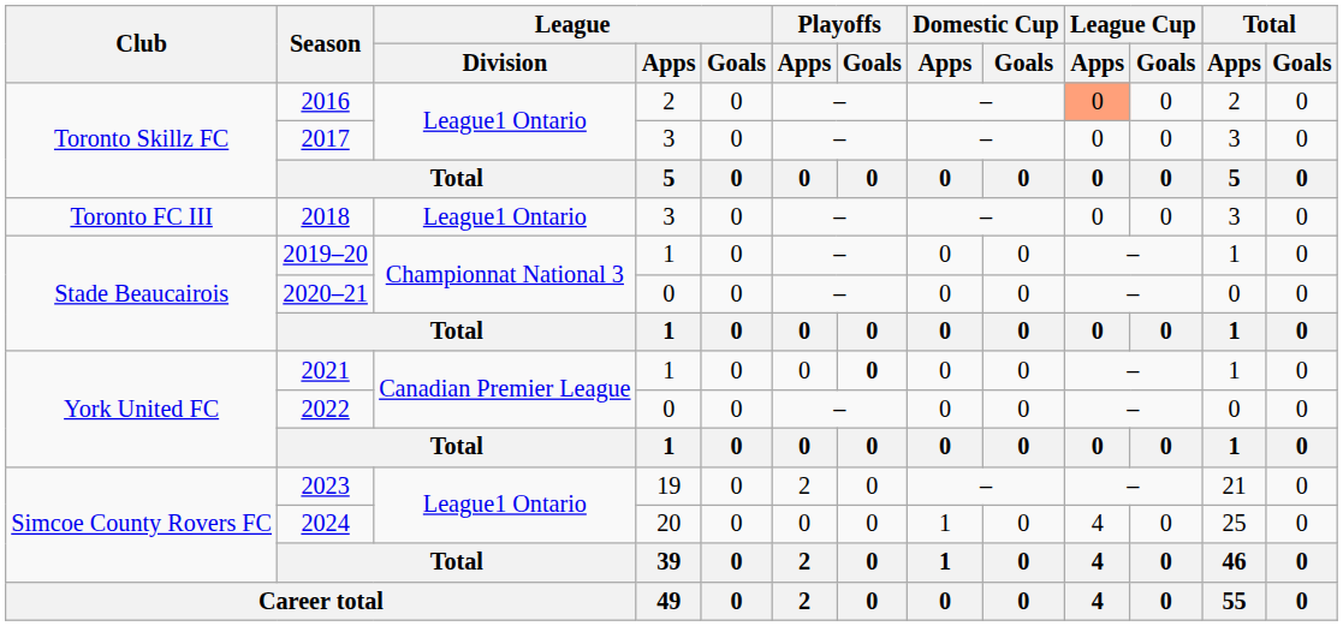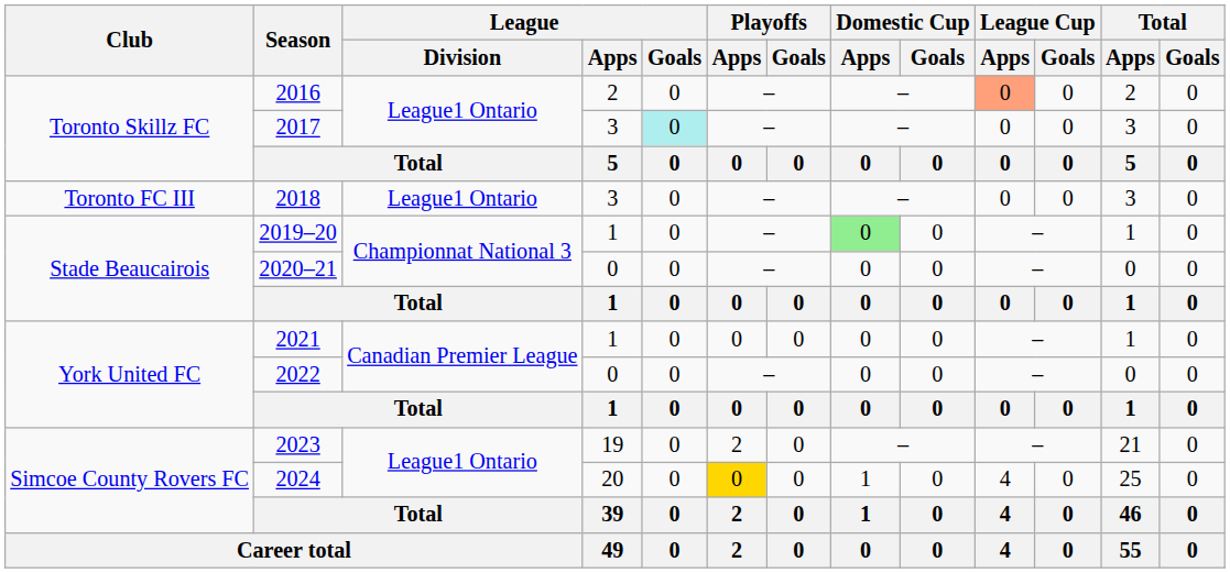 <table class="wikitable" style="text-align: center">
 <tr>
 <th rowspan="2">Club</th>
 <th rowspan="2">Season</th>
 <th colspan="3">League</th>
 <th colspan="2">Playoffs</th>
 <th colspan="2">Domestic Cup</th>
 <th colspan="2">League Cup</th>
 <th colspan="2">Total</th>
 </tr>
 <tr>
 <th>Division</th>
 <th>Apps</th>
 <th>Goals</th>
 <th>Apps</th>
 <th>Goals</th>
 <th>Apps</th>
 <th>Goals</th>
 <th>Apps</th>
 <th>Goals</th>
 <th>Apps</th>
 <th>Goals</th>
 </tr>
 <tr>
 <td rowspan=3><a href='#'>Toronto Skillz FC</a></td>
 <td><a href='#'>2016</a></td>
 <td rowspan=2><a href='#'>League1 Ontario</a></td>
 <td>2</td>
 <td>0</td>
 <td colspan="2">–</td>
 <td colspan="2">–</td>
 <td style="background: lightsalmon;">0</td>
 <td>0</td>
 <td>2</td>
 <td>0</td>
 </tr>
 <tr>
 <td><a href='#'>2017</a></td>
 <td>3</td>
-<td>0</td>
+<td style="background: paleturquoise;">0</td>
 <td colspan="2">–</td>
 <td colspan="2">–</td>
 <td>0</td>
 <td>0</td>
 <td>3</td>
 <td>0</td>
 </tr>
 <tr>
 <th colspan="2">Total</th>
 <th>5</th>
 <th>0</th>
 <th>0</th>
 <th>0</th>
 <th>0</th>
 <th>0</th>
 <th>0</th>
 <th>0</th>
 <th>5</th>
 <th>0</th>
 </tr>
 <tr>
 <td><a href='#'>Toronto FC III</a></td>
 <td><a href='#'>2018</a></td>
 <td><a href='#'>League1 Ontario</a></td>
 <td>3</td>
 <td>0</td>
 <td colspan="2">–</td>
 <td colspan="2">–</td>
 <td>0</td>
 <td>0</td>
 <td>3</td>
 <td>0</td>
 </tr>
 <tr>
 <td rowspan=3><a href='#'>Stade Beaucairois</a></td>
 <td><a href='#'>2019–20</a></td>
 <td rowspan=2><a href='#'>Championnat National 3</a></td>
 <td>1</td>
 <td>0</td>
 <td colspan="2">–</td>
-<td>0</td>
+<td style="background: lightgreen;">0</td>
 <td>0</td>
 <td colspan="2">–</td>
 <td>1</td>
 <td>0</td>
 </tr>
 <tr>
 <td><a href='#'>2020–21</a></td>
 <td>0</td>
 <td>0</td>
 <td colspan="2">–</td>
 <td>0</td>
 <td>0</td>
 <td colspan="2">–</td>
 <td>0</td>
 <td>0</td>
 </tr>
 <tr>
 <th colspan="2">Total</th>
 <th>1</th>
 <th>0</th>
 <th>0</th>
 <th>0</th>
 <th>0</th>
 <th>0</th>
 <th>0</th>
 <th>0</th>
 <th>1</th>
 <th>0</th>
 </tr>
 <tr>
 <td rowspan=3><a href='#'>York United FC</a></td>
 <td><a href='#'>2021</a></td>
 <td rowspan=2><a href='#'>Canadian Premier League</a></td>
 <td>1</td>
 <td>0</td>
 <td>0</td>
-<td><strong>0</strong></td>
+<td>0</td>
 <td>0</td>
 <td>0</td>
 <td colspan="2">–</td>
 <td>1</td>
 <td>0</td>
 </tr>
 <tr>
 <td><a href='#'>2022</a></td>
 <td>0</td>
 <td>0</td>
 <td colspan="2">–</td>
 <td>0</td>
 <td>0</td>
 <td colspan="2">–</td>
 <td>0</td>
 <td>0</td>
 </tr>
 <tr>
 <th colspan="2">Total</th>
 <th>1</th>
 <th>0</th>
 <th>0</th>
 <th>0</th>
 <th>0</th>
 <th>0</th>
 <th>0</th>
 <th>0</th>
 <th>1</th>
 <th>0</th>
 </tr>
 <tr>
 <td rowspan=3><a href='#'>Simcoe County Rovers FC</a></td>
 <td><a href='#'>2023</a></td>
 <td rowspan=2><a href='#'>League1 Ontario</a></td>
 <td>19</td>
 <td>0</td>
 <td>2</td>
 <td>0</td>
 <td colspan="2">–</td>
 <td colspan="2">–</td>
 <td>21</td>
 <td>0</td>
 </tr>
 <tr>
 <td><a href='#'>2024</a></td>
 <td>20</td>
 <td>0</td>
-<td>0</td>
+<td style="background: gold;">0</td>
 <td>0</td>
 <td>1</td>
 <td>0</td>
 <td>4</td>
 <td>0</td>
 <td>25</td>
 <td>0</td>
 </tr>
 <tr>
 <th colspan="2">Total</th>
 <th>39</th>
 <th>0</th>
 <th>2</th>
 <th>0</th>
 <th>1</th>
 <th>0</th>
 <th>4</th>
 <th>0</th>
 <th>46</th>
 <th>0</th>
 </tr>
 <tr>
 <th colspan="3"><strong>Career total</strong></th>
 <th>49</th>
 <th>0</th>
 <th>2</th>
 <th>0</th>
 <th>0</th>
 <th>0</th>
 <th>4</th>
 <th>0</th>
 <th>55</th>
 <th>0</th>
 </tr>
 </table>
